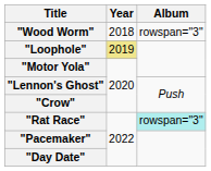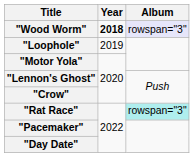 <table class="wikitable plainrowheaders" style="text-align:center;">
 <tr>
 <th scope="col">Title</th>
 <th scope="col">Year</th>
 <th scope="col">Album</th>
 </tr>
 <tr>
 <th scope="row">"Wood Worm"</th>
-<td rowspan="1">2018</td>
-<td>rowspan="3" </td>
+<td rowspan="1"><strong>2018</strong></td>
+<td style="background: lavender;">rowspan="3" </td>
 </tr>
 <tr>
 <th scope="row">"Loophole"</th>
-<td rowspan="1" style="background: khaki;">2019</td>
+<td rowspan="1">2019</td>
 </tr>
 <tr>
 <th scope="row">"Motor Yola"</th>
 <td rowspan="3">2020</td>
 </tr>
 <tr>
 <th scope="row">"Lennon's Ghost"</th>
 <td rowspan="2"><em>Push</em></td>
 </tr>
 <tr>
 <th scope="row">"Crow"</th>
 </tr>
 <tr>
 <th scope="row">"Rat Race"</th>
 <td rowspan="3">2022</td>
 <td style="background: paleturquoise;">rowspan="3" </td>
 </tr>
 <tr>
 <th scope="row">"Pacemaker"</th>
 </tr>
 <tr>
 <th scope="row">"Day Date"</th>
 </tr>
 </table>
